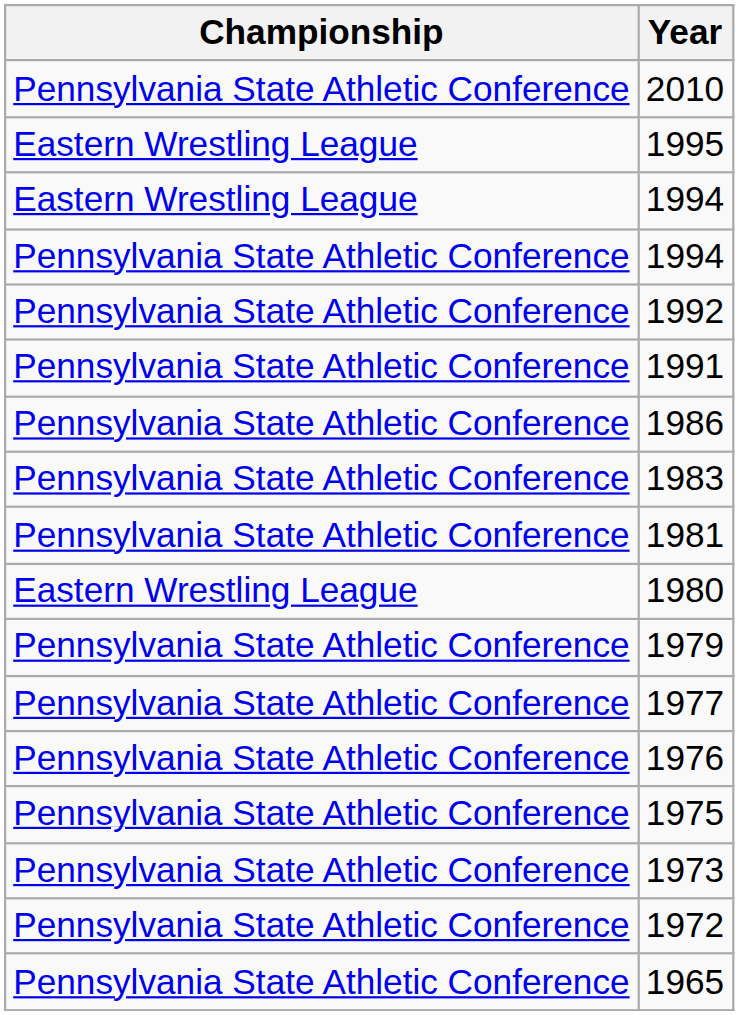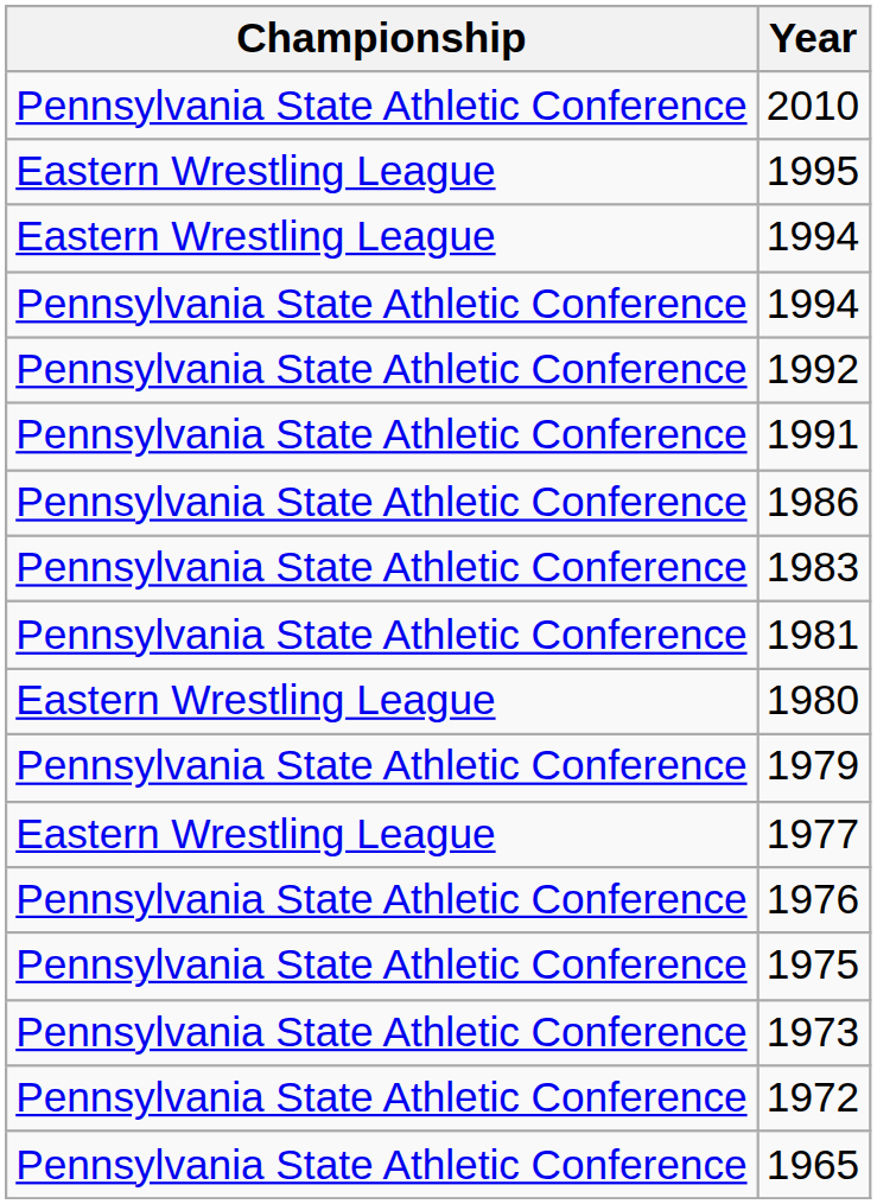 <table class="wikitable sortable">
 <tr>
 <th>Championship</th>
 <th>Year</th>
 </tr>
 <tr>
 <td><a href='#'>Pennsylvania State Athletic Conference</a></td>
 <td>2010</td>
 </tr>
 <tr>
 <td><a href='#'>Eastern Wrestling League</a></td>
 <td>1995</td>
 </tr>
 <tr>
 <td><a href='#'>Eastern Wrestling League</a></td>
 <td>1994</td>
 </tr>
 <tr>
 <td><a href='#'>Pennsylvania State Athletic Conference</a></td>
 <td>1994</td>
 </tr>
 <tr>
 <td><a href='#'>Pennsylvania State Athletic Conference</a></td>
 <td>1992</td>
 </tr>
 <tr>
 <td><a href='#'>Pennsylvania State Athletic Conference</a></td>
 <td>1991</td>
 </tr>
 <tr>
 <td><a href='#'>Pennsylvania State Athletic Conference</a></td>
 <td>1986</td>
 </tr>
 <tr>
 <td><a href='#'>Pennsylvania State Athletic Conference</a></td>
 <td>1983</td>
 </tr>
 <tr>
 <td><a href='#'>Pennsylvania State Athletic Conference</a></td>
 <td>1981</td>
 </tr>
 <tr>
 <td><a href='#'>Eastern Wrestling League</a></td>
 <td>1980</td>
 </tr>
 <tr>
 <td><a href='#'>Pennsylvania State Athletic Conference</a></td>
 <td>1979</td>
 </tr>
 <tr>
-<td><a href='#'>Pennsylvania State Athletic Conference</a></td>
+<td><a href='#'>Eastern Wrestling League</a></td>
 <td>1977</td>
 </tr>
 <tr>
 <td><a href='#'>Pennsylvania State Athletic Conference</a></td>
 <td>1976</td>
 </tr>
 <tr>
 <td><a href='#'>Pennsylvania State Athletic Conference</a></td>
 <td>1975</td>
 </tr>
 <tr>
 <td><a href='#'>Pennsylvania State Athletic Conference</a></td>
 <td>1973</td>
 </tr>
 <tr>
 <td><a href='#'>Pennsylvania State Athletic Conference</a></td>
 <td>1972</td>
 </tr>
 <tr>
 <td><a href='#'>Pennsylvania State Athletic Conference</a></td>
 <td>1965</td>
 </tr>
 <tr>
 </tr>
 </table>
